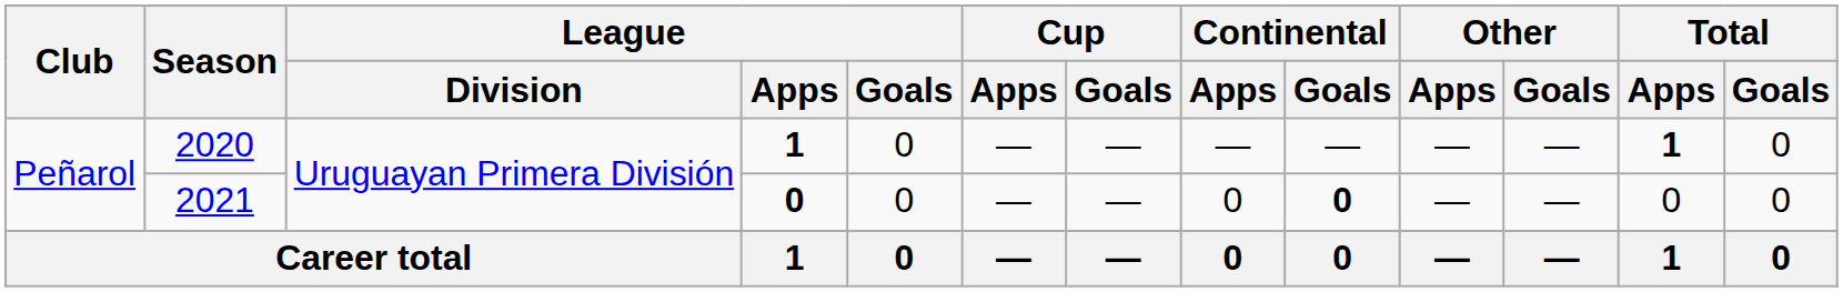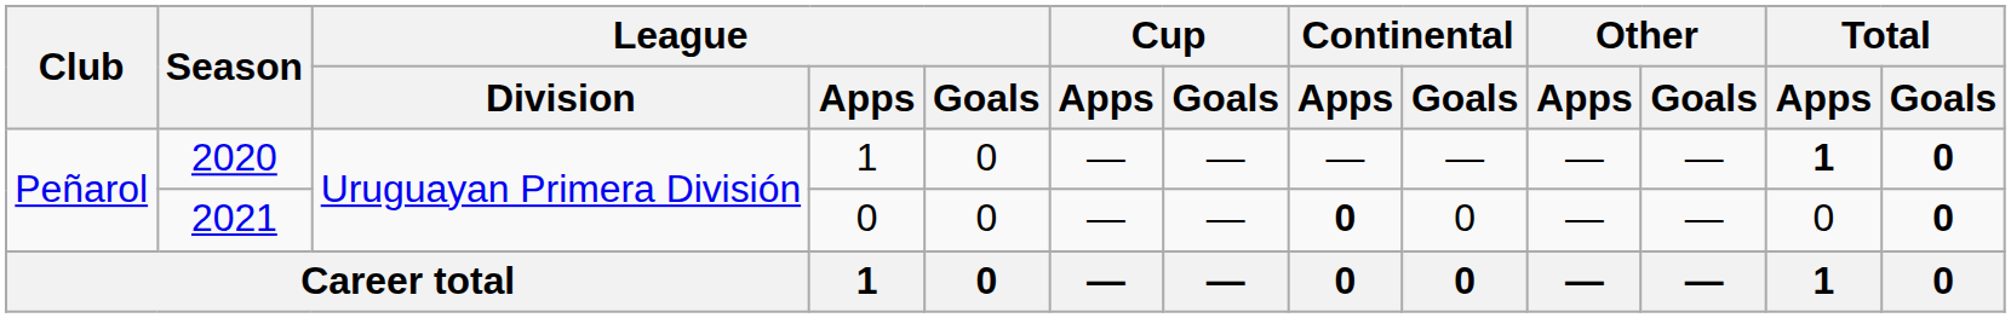 <table class=wikitable style=text-align:center>
 <tr>
 <th rowspan=2>Club</th>
 <th rowspan=2>Season</th>
 <th colspan=3>League</th>
 <th colspan=2>Cup</th>
 <th colspan=2>Continental</th>
 <th colspan=2>Other</th>
 <th colspan=2>Total</th>
 </tr>
 <tr>
 <th>Division</th>
 <th>Apps</th>
 <th>Goals</th>
 <th>Apps</th>
 <th>Goals</th>
 <th>Apps</th>
 <th>Goals</th>
 <th>Apps</th>
 <th>Goals</th>
 <th>Apps</th>
 <th>Goals</th>
 </tr>
 <tr>
 <td rowspan=2><a href='#'>Peñarol</a></td>
 <td><a href='#'>2020</a></td>
 <td rowspan=2><a href='#'>Uruguayan Primera División</a></td>
-<td><strong>1</strong></td>
+<td>1</td>
 <td>0</td>
 <td>—</td>
 <td>—</td>
 <td>—</td>
 <td>—</td>
 <td>—</td>
 <td>—</td>
 <td><strong>1</strong></td>
-<td>0</td>
+<td><strong>0</strong></td>
 </tr>
 <tr>
 <td><a href='#'>2021</a></td>
+<td>0</td>
+<td>0</td>
+<td>—</td>
+<td>—</td>
 <td><strong>0</strong></td>
 <td>0</td>
 <td>—</td>
 <td>—</td>
 <td>0</td>
 <td><strong>0</strong></td>
-<td>—</td>
-<td>—</td>
-<td>0</td>
-<td>0</td>
 </tr>
 <tr>
 <th colspan=3>Career total</th>
 <th>1</th>
 <th>0</th>
 <th>—</th>
 <th>—</th>
 <th>0</th>
 <th>0</th>
 <th>—</th>
 <th>—</th>
 <th>1</th>
 <th>0</th>
 </tr>
 </table>
